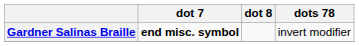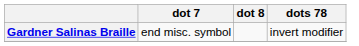 <table class="wikitable">
 <tr>
 <th></th>
 <th>dot 7</th>
 <th>dot 8</th>
 <th>dots 78</th>
 </tr>
 <tr>
 <th align=left><a href='#'>Gardner Salinas Braille</a></th>
-<td><strong>end misc. symbol</strong></td>
+<td>end misc. symbol</td>
 <td></td>
 <td>invert modifier</td>
 </tr>
 <tr>
 </tr>
 <tr>
 </tr>
 </table>
